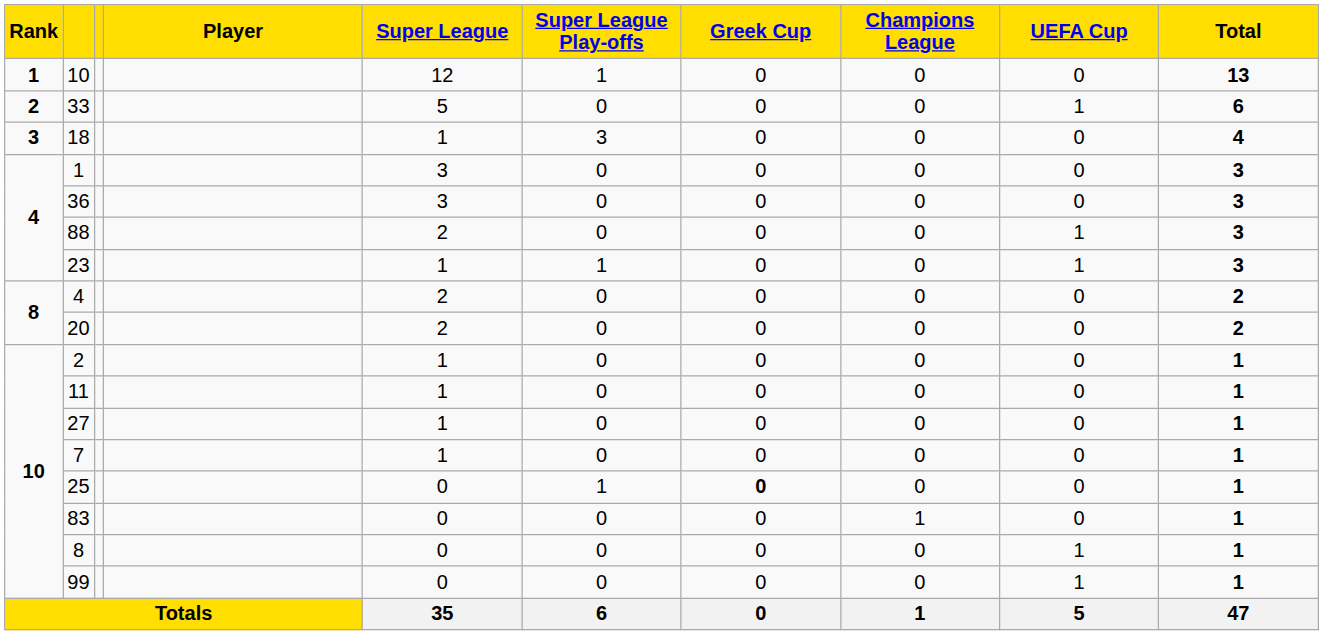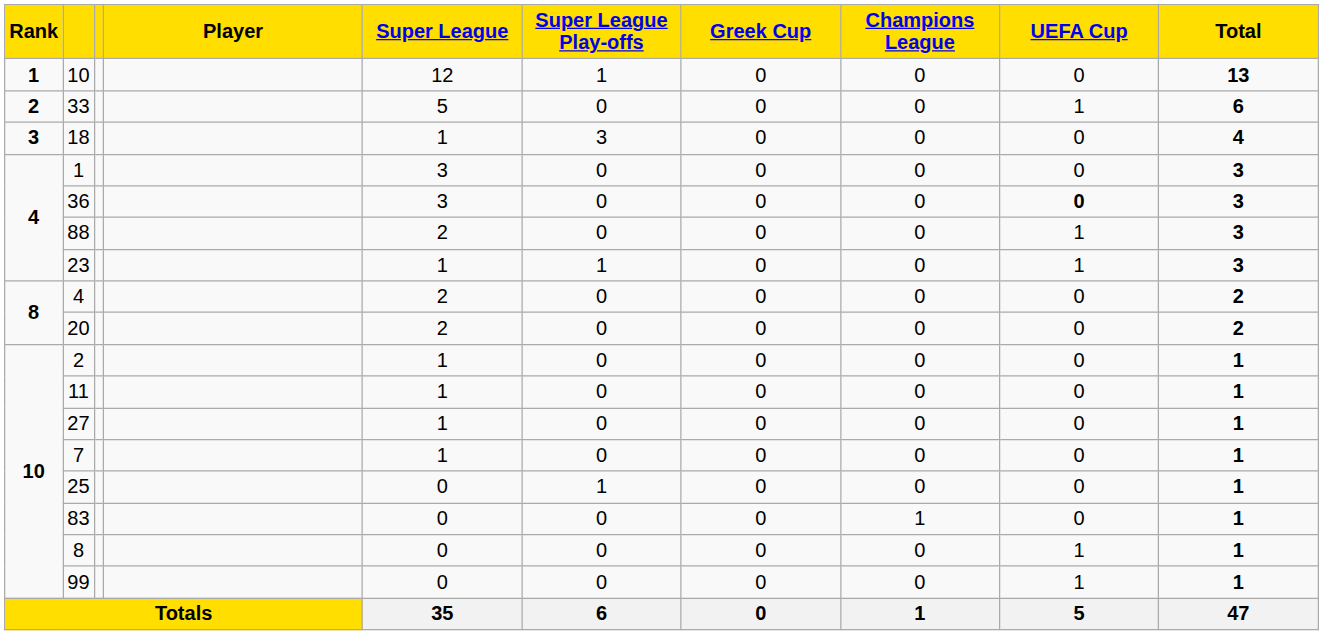 <table class="wikitable sortable" style="text-align: center">
 <tr>
 <th style="background:#FFDE00">Rank</th>
 <th style="background:#FFDE00"></th>
 <th style="background:#FFDE00"></th>
 <th width=200 style="background:#FFDE00">Player</th>
 <th width=120 style="background:#FFDE00"><a href='#'>Super League</a></th>
 <th width=120 style="background:#FFDE00"><a href='#'>Super League Play-offs</a></th>
 <th width=120 style="background:#FFDE00"><a href='#'>Greek Cup</a></th>
 <th width=120 style="background:#FFDE00"><a href='#'>Champions League</a></th>
 <th width=120 style="background:#FFDE00"><a href='#'>UEFA Cup</a></th>
 <th width=120 style="background:#FFDE00">Total</th>
 </tr>
 <tr>
 <td><strong>1</strong></td>
 <td>10</td>
 <td></td>
 <td align=left></td>
 <td>12</td>
 <td>1</td>
 <td>0</td>
 <td>0</td>
 <td>0</td>
 <td><strong>13</strong></td>
 </tr>
 <tr>
 <td><strong>2</strong></td>
 <td>33</td>
 <td></td>
 <td align=left></td>
 <td>5</td>
 <td>0</td>
 <td>0</td>
 <td>0</td>
 <td>1</td>
 <td><strong>6</strong></td>
 </tr>
 <tr>
 <td><strong>3</strong></td>
 <td>18</td>
 <td></td>
 <td align=left></td>
 <td>1</td>
 <td>3</td>
 <td>0</td>
 <td>0</td>
 <td>0</td>
 <td><strong>4</strong></td>
 </tr>
 <tr>
 <td rowspan=4><strong>4</strong></td>
 <td>1</td>
 <td></td>
 <td align=left></td>
 <td>3</td>
 <td>0</td>
 <td>0</td>
 <td>0</td>
 <td>0</td>
 <td><strong>3</strong></td>
 </tr>
 <tr>
 <td>36</td>
 <td></td>
 <td align=left></td>
 <td>3</td>
 <td>0</td>
 <td>0</td>
 <td>0</td>
-<td>0</td>
+<td><strong>0</strong></td>
 <td><strong>3</strong></td>
 </tr>
 <tr>
 <td>88</td>
 <td></td>
 <td align=left></td>
 <td>2</td>
 <td>0</td>
 <td>0</td>
 <td>0</td>
 <td>1</td>
 <td><strong>3</strong></td>
 </tr>
 <tr>
 <td>23</td>
 <td></td>
 <td align=left></td>
 <td>1</td>
 <td>1</td>
 <td>0</td>
 <td>0</td>
 <td>1</td>
 <td><strong>3</strong></td>
 </tr>
 <tr>
 <td rowspan=2><strong>8</strong></td>
 <td>4</td>
 <td></td>
 <td align=left></td>
 <td>2</td>
 <td>0</td>
 <td>0</td>
 <td>0</td>
 <td>0</td>
 <td><strong>2</strong></td>
 </tr>
 <tr>
 <td>20</td>
 <td></td>
 <td align=left></td>
 <td>2</td>
 <td>0</td>
 <td>0</td>
 <td>0</td>
 <td>0</td>
 <td><strong>2</strong></td>
 </tr>
 <tr>
 <td rowspan=8><strong>10</strong></td>
 <td>2</td>
 <td></td>
 <td align=left></td>
 <td>1</td>
 <td>0</td>
 <td>0</td>
 <td>0</td>
 <td>0</td>
 <td><strong>1</strong></td>
 </tr>
 <tr>
 <td>11</td>
 <td></td>
 <td align=left></td>
 <td>1</td>
 <td>0</td>
 <td>0</td>
 <td>0</td>
 <td>0</td>
 <td><strong>1</strong></td>
 </tr>
 <tr>
 <td>27</td>
 <td></td>
 <td align=left></td>
 <td>1</td>
 <td>0</td>
 <td>0</td>
 <td>0</td>
 <td>0</td>
 <td><strong>1</strong></td>
 </tr>
 <tr>
 <td>7</td>
 <td></td>
 <td align=left></td>
 <td>1</td>
 <td>0</td>
 <td>0</td>
 <td>0</td>
 <td>0</td>
 <td><strong>1</strong></td>
 </tr>
 <tr>
 <td>25</td>
 <td></td>
 <td align=left></td>
 <td>0</td>
 <td>1</td>
-<td><strong>0</strong></td>
+<td>0</td>
 <td>0</td>
 <td>0</td>
 <td><strong>1</strong></td>
 </tr>
 <tr>
 <td>83</td>
 <td></td>
 <td align=left></td>
 <td>0</td>
 <td>0</td>
 <td>0</td>
 <td>1</td>
 <td>0</td>
 <td><strong>1</strong></td>
 </tr>
 <tr>
 <td>8</td>
 <td></td>
 <td align=left></td>
 <td>0</td>
 <td>0</td>
 <td>0</td>
 <td>0</td>
 <td>1</td>
 <td><strong>1</strong></td>
 </tr>
 <tr>
 <td>99</td>
 <td></td>
 <td align=left></td>
 <td>0</td>
 <td>0</td>
 <td>0</td>
 <td>0</td>
 <td>1</td>
 <td><strong>1</strong></td>
 </tr>
 <tr class="sortbottom">
 <th colspan=4 style="background:#FFDE00"><strong>Totals</strong></th>
 <th><strong>35</strong></th>
 <th><strong> 6</strong></th>
 <th><strong> 0</strong></th>
 <th><strong> 1</strong></th>
 <th><strong> 5</strong></th>
 <th><strong>47</strong></th>
 </tr>
 </table>
